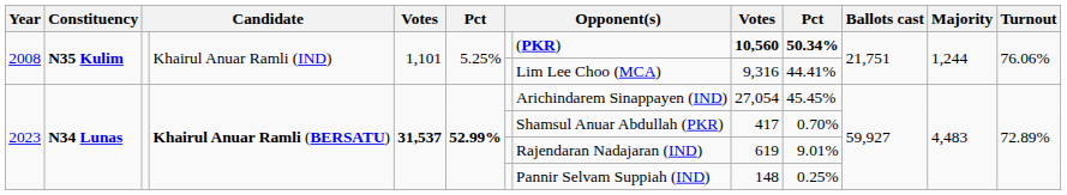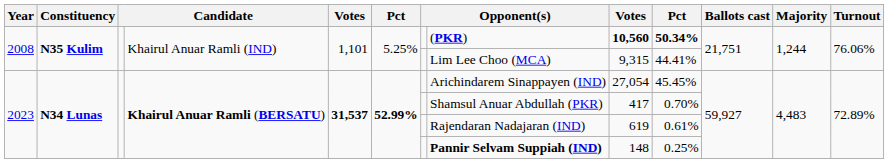 <table class="wikitable" style="margin:0.5em ; font-size:95%">
 <tr>
 <th>Year</th>
 <th>Constituency</th>
 <th colspan=2>Candidate</th>
 <th>Votes</th>
 <th>Pct</th>
 <th colspan=2>Opponent(s)</th>
 <th>Votes</th>
 <th>Pct</th>
 <th>Ballots cast</th>
 <th>Majority</th>
 <th>Turnout</th>
 </tr>
 <tr>
 <td rowspan=2><a href='#'>2008</a></td>
 <td rowspan=2><strong>N35 <a href='#'>Kulim</a></strong></td>
 <td rowspan=2 ></td>
 <td rowspan=2>Khairul Anuar Ramli (<a href='#'>IND</a>)</td>
 <td rowspan=2 align="right">1,101</td>
 <td rowspan=2 align=right>5.25%</td>
 <td></td>
 <td> (<a href='#'><strong>PKR</strong></a>)</td>
 <td align="right"><strong>10,560</strong></td>
 <td><strong>50.34%</strong></td>
 <td rowspan=2>21,751</td>
 <td rowspan=2>1,244</td>
 <td rowspan=2>76.06%</td>
 </tr>
 <tr>
 <td></td>
 <td>Lim Lee Choo (<a href='#'>MCA</a>)</td>
-<td align="right">9,316</td>
+<td align="right">9,315</td>
 <td>44.41%</td>
 </tr>
 <tr>
 <td rowspan=4><a href='#'>2023</a></td>
 <td rowspan=4><strong>N34 <a href='#'>Lunas</a></strong></td>
 <td rowspan=4 bgcolor=></td>
 <td rowspan=4><strong>Khairul Anuar Ramli</strong> (<a href='#'><strong>BERSATU</strong></a>)</td>
 <td rowspan=4 align=right><strong>31,537</strong></td>
 <td rowspan=4><strong>52.99%</strong></td>
 <td></td>
 <td>Arichindarem Sinappayen (<a href='#'>IND</a>)</td>
 <td align=right>27,054</td>
 <td>45.45%</td>
 <td rowspan=4>59,927</td>
 <td rowspan=4>4,483</td>
 <td rowspan=4>72.89%</td>
 </tr>
 <tr>
 <td></td>
 <td>Shamsul Anuar Abdullah (<a href='#'>PKR</a>)</td>
 <td align=right>417</td>
 <td align=right>0.70%</td>
 </tr>
 <tr>
 <td></td>
 <td>Rajendaran Nadajaran (<a href='#'>IND</a>)</td>
 <td align=right>619</td>
-<td align=right>9.01%</td>
+<td align=right>0.61%</td>
 </tr>
 <tr>
 <td></td>
-<td>Pannir Selvam Suppiah (<a href='#'>IND</a>)</td>
+<td><strong>Pannir Selvam Suppiah (<a href='#'>IND</a>)</strong></td>
 <td align=right>148</td>
 <td align=right>0.25%</td>
 </tr>
 </table>
